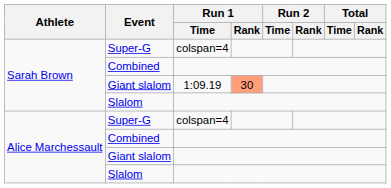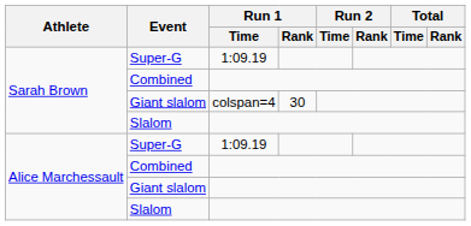 <table class="wikitable" style="font-size:90%">
 <tr>
 <th rowspan=2>Athlete</th>
 <th rowspan=2>Event</th>
 <th colspan=2>Run 1</th>
 <th colspan=2>Run 2</th>
 <th colspan=2>Total</th>
 </tr>
 <tr style="font-size:95%">
 <th>Time</th>
 <th>Rank</th>
 <th>Time</th>
 <th>Rank</th>
 <th>Time</th>
 <th>Rank</th>
 </tr>
 <tr align=center>
 <td align="left" rowspan="4"><a href='#'>Sarah Brown</a></td>
 <td align="left"><a href='#'>Super-G</a></td>
-<td>colspan=4</td>
+<td>1:09.19</td>
 <td colspan=2></td>
 </tr>
 <tr align=center>
 <td align="left"><a href='#'>Combined</a></td>
 <td colspan=6></td>
 </tr>
 <tr align=center>
 <td align="left"><a href='#'>Giant slalom</a></td>
-<td>1:09.19</td>
-<td style="background: lightsalmon;">30</td>
+<td>colspan=4</td>
+<td>30</td>
 <td colspan=4></td>
 </tr>
 <tr align=center>
 <td align="left"><a href='#'>Slalom</a></td>
 <td colspan=6></td>
 </tr>
 <tr align=center>
 <td align="left" rowspan="4"><a href='#'>Alice Marchessault</a></td>
 <td align="left"><a href='#'>Super-G</a></td>
-<td>colspan=4</td>
+<td>1:09.19</td>
 <td colspan=2></td>
 </tr>
 <tr align=center>
 <td align="left"><a href='#'>Combined</a></td>
 <td colspan=6></td>
 </tr>
 <tr align=center>
 <td align="left"><a href='#'>Giant slalom</a></td>
 <td colspan=6></td>
 </tr>
 <tr align=center>
 <td align="left"><a href='#'>Slalom</a></td>
 <td colspan=6></td>
 </tr>
 </table>
